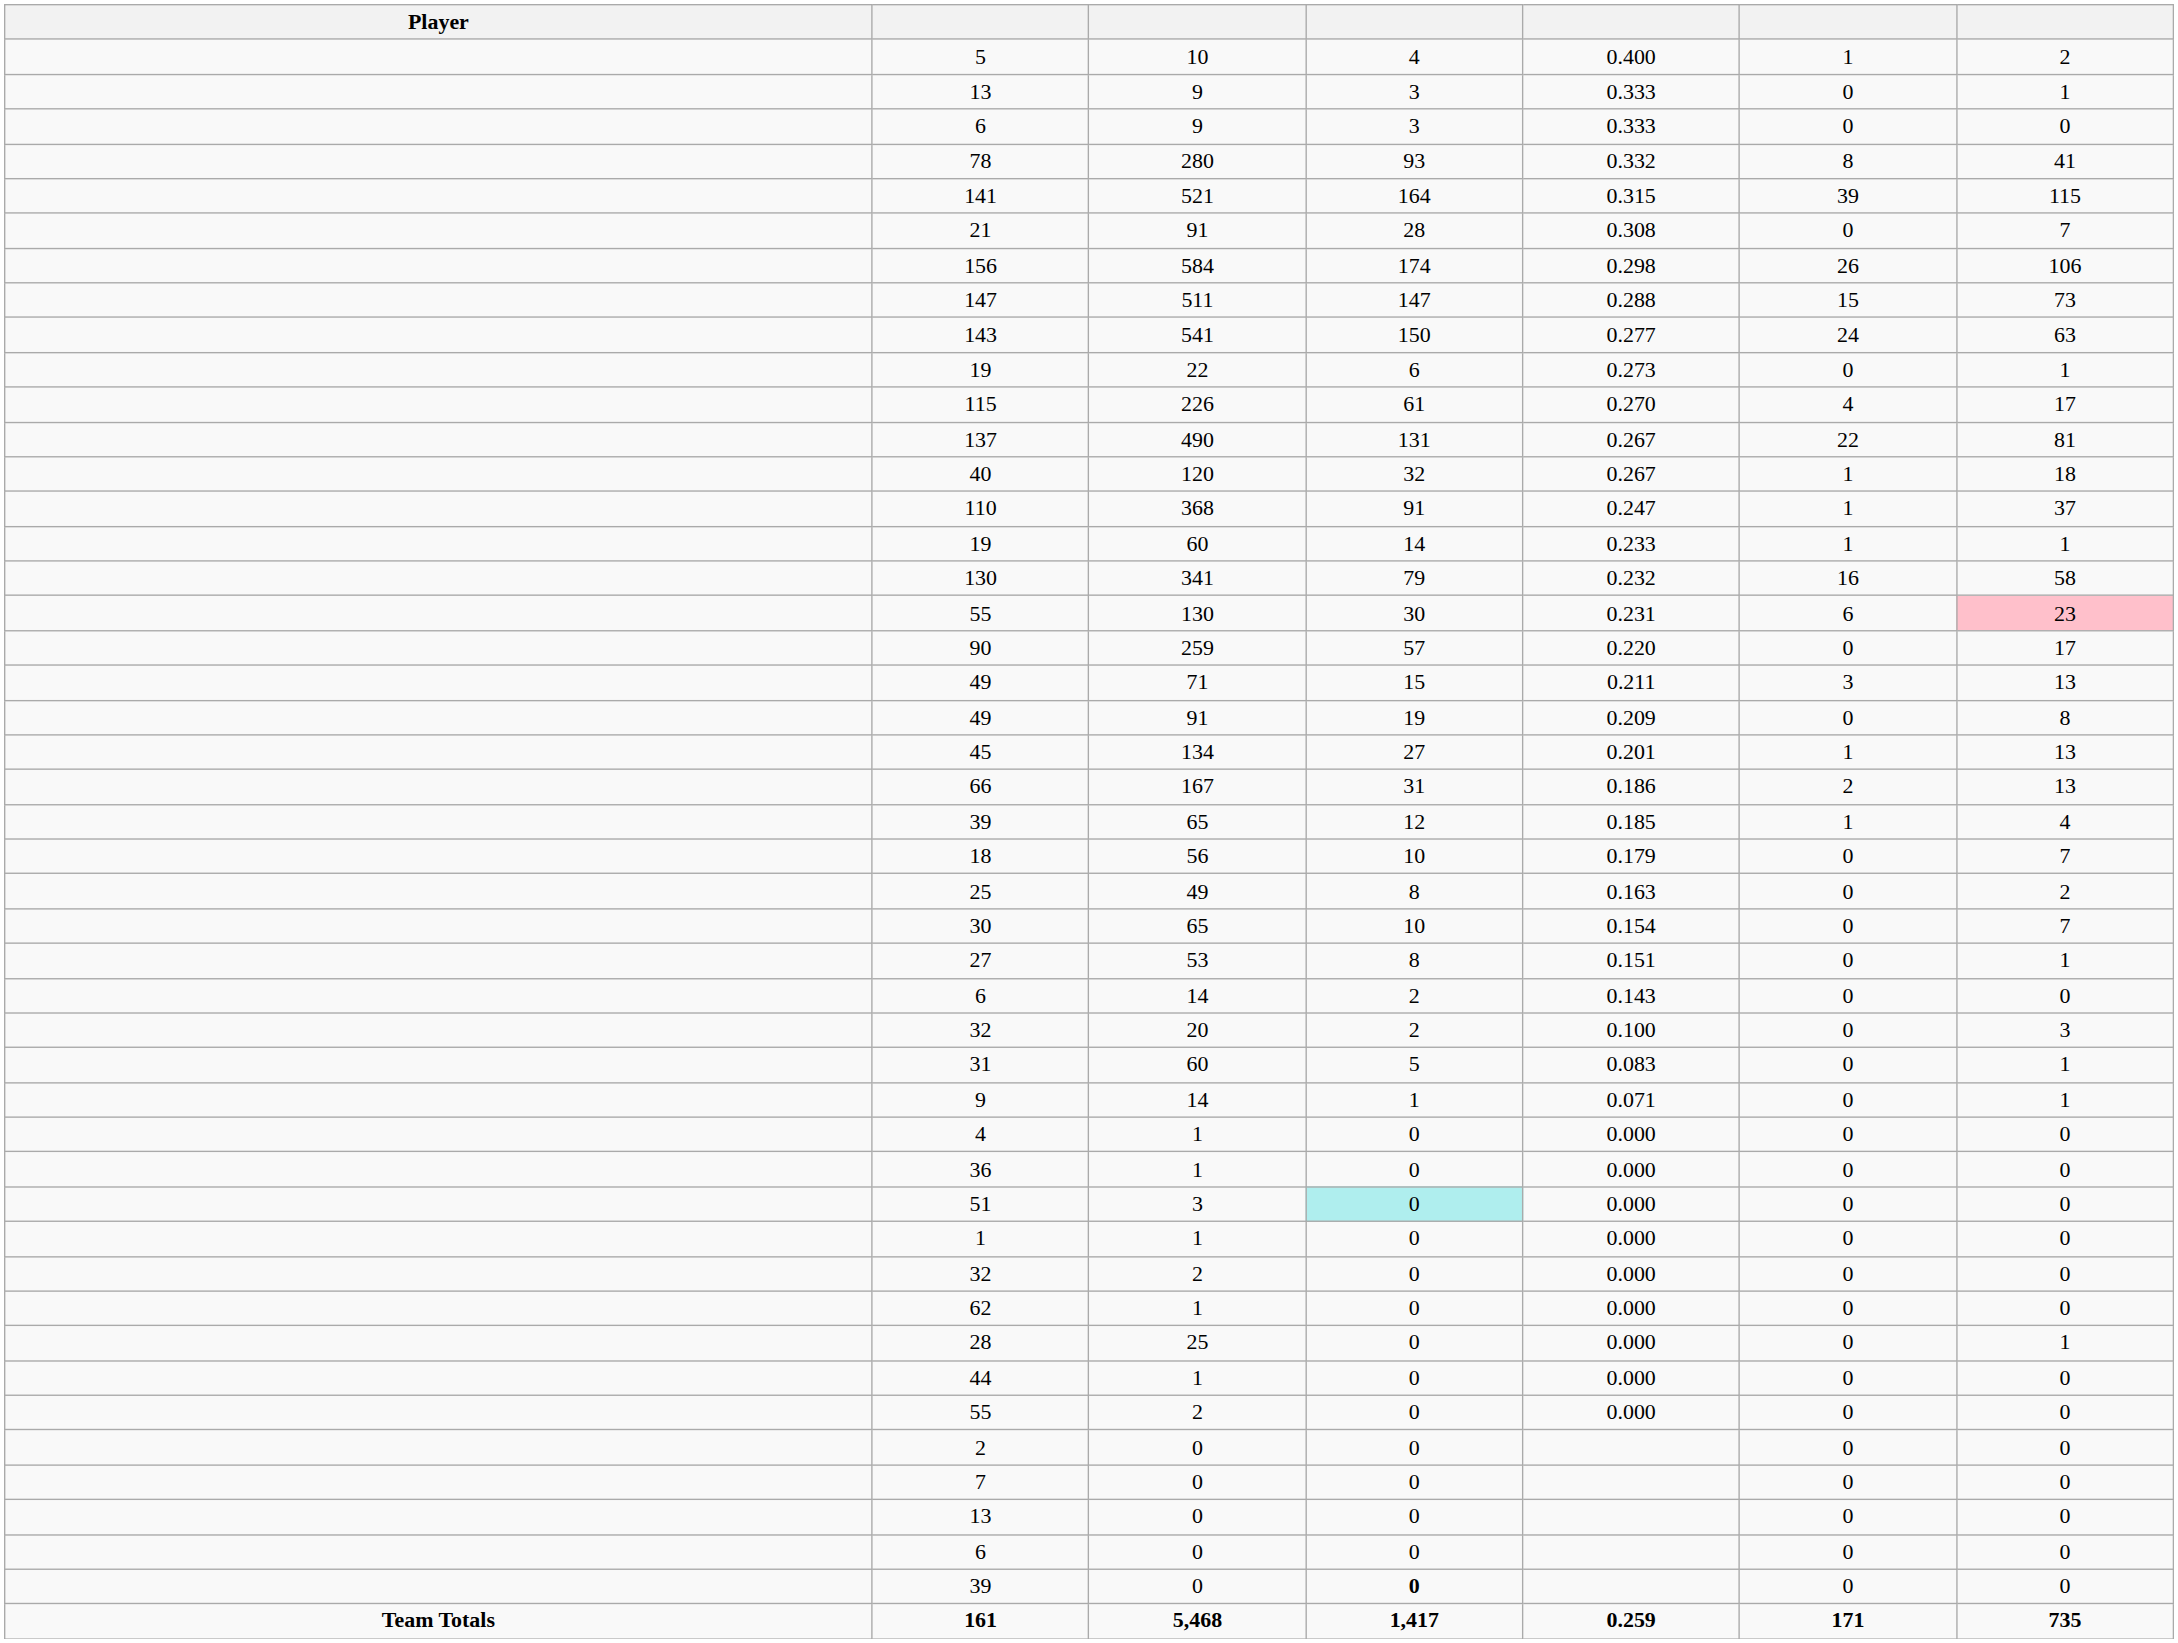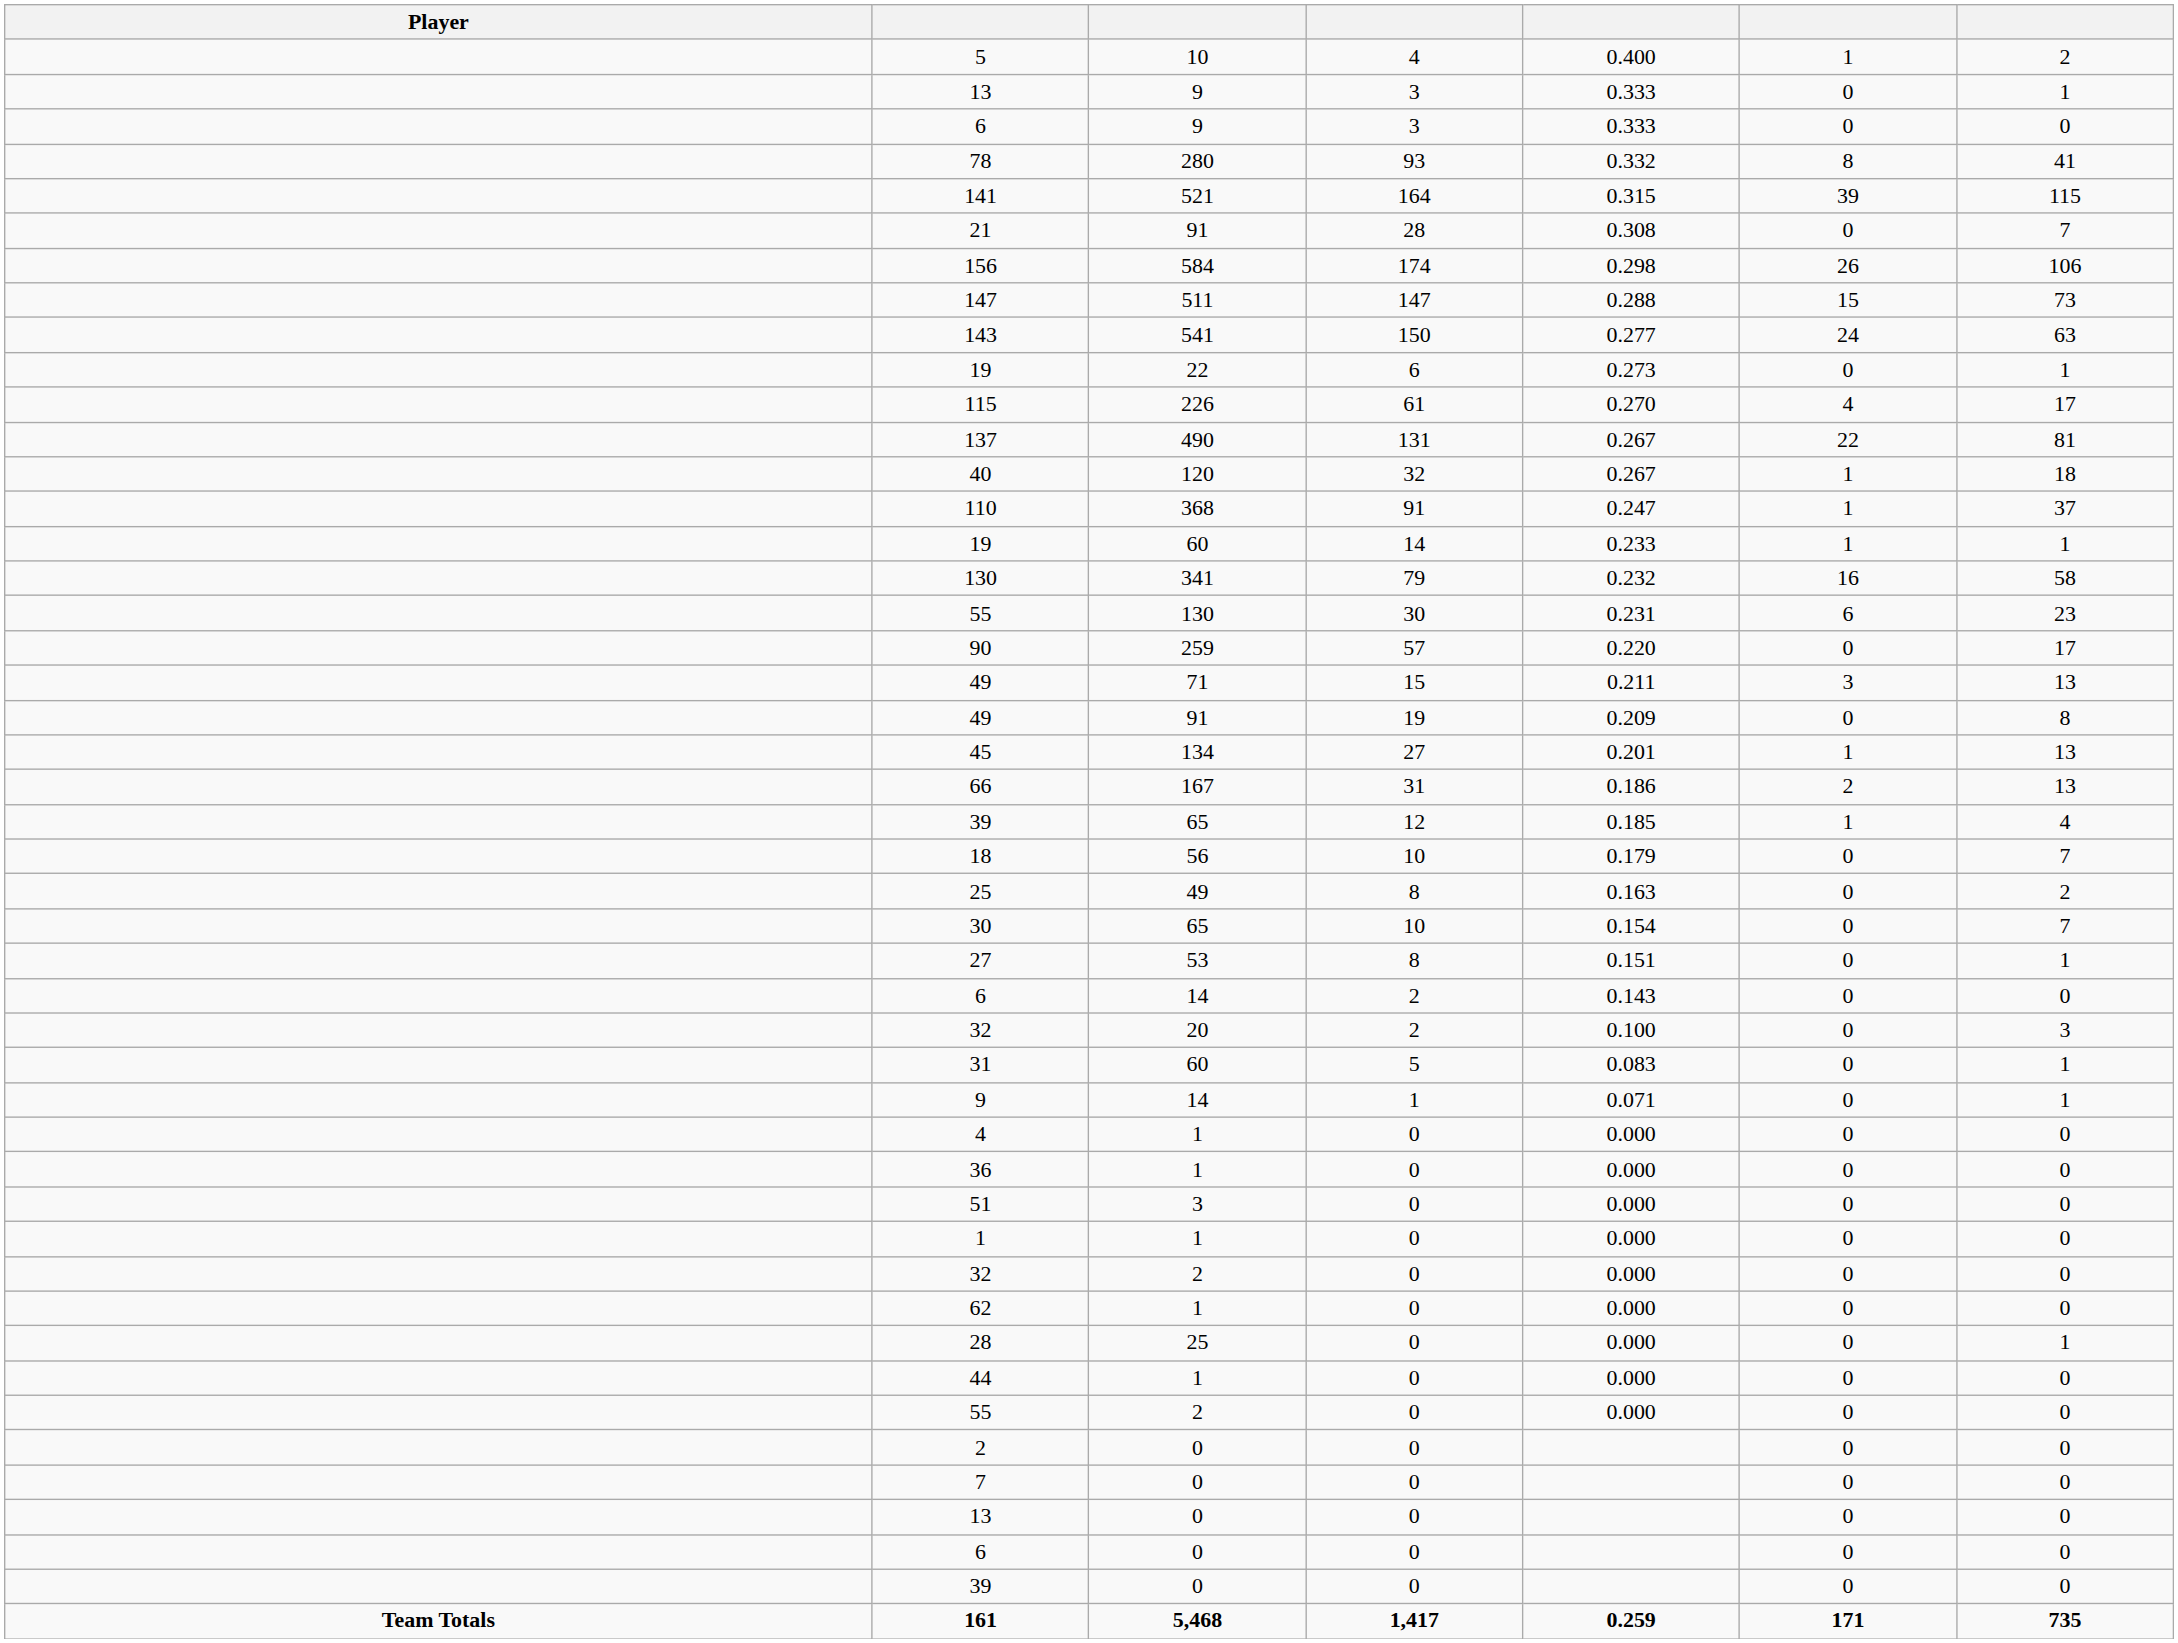 <table class="wikitable sortable" style="text-align:center;" width="100%">
 <tr>
 <th width="40%">Player</th>
 <th width="10%"></th>
 <th width="10%"></th>
 <th width="10%"></th>
 <th width="10%"></th>
 <th width="10%"></th>
 <th width="10%"></th>
 </tr>
 <tr>
 <td></td>
 <td>5</td>
 <td>10</td>
 <td>4</td>
 <td>0.400</td>
 <td>1</td>
 <td>2</td>
 </tr>
 <tr>
 <td></td>
 <td>13</td>
 <td>9</td>
 <td>3</td>
 <td>0.333</td>
 <td>0</td>
 <td>1</td>
 </tr>
 <tr>
 <td></td>
 <td>6</td>
 <td>9</td>
 <td>3</td>
 <td>0.333</td>
 <td>0</td>
 <td>0</td>
 </tr>
 <tr>
 <td></td>
 <td>78</td>
 <td>280</td>
 <td>93</td>
 <td>0.332</td>
 <td>8</td>
 <td>41</td>
 </tr>
 <tr>
 <td></td>
 <td>141</td>
 <td>521</td>
 <td>164</td>
 <td>0.315</td>
 <td>39</td>
 <td>115</td>
 </tr>
 <tr>
 <td></td>
 <td>21</td>
 <td>91</td>
 <td>28</td>
 <td>0.308</td>
 <td>0</td>
 <td>7</td>
 </tr>
 <tr>
 <td></td>
 <td>156</td>
 <td>584</td>
 <td>174</td>
 <td>0.298</td>
 <td>26</td>
 <td>106</td>
 </tr>
 <tr>
 <td></td>
 <td>147</td>
 <td>511</td>
 <td>147</td>
 <td>0.288</td>
 <td>15</td>
 <td>73</td>
 </tr>
 <tr>
 <td></td>
 <td>143</td>
 <td>541</td>
 <td>150</td>
 <td>0.277</td>
 <td>24</td>
 <td>63</td>
 </tr>
 <tr>
 <td></td>
 <td>19</td>
 <td>22</td>
 <td>6</td>
 <td>0.273</td>
 <td>0</td>
 <td>1</td>
 </tr>
 <tr>
 <td></td>
 <td>115</td>
 <td>226</td>
 <td>61</td>
 <td>0.270</td>
 <td>4</td>
 <td>17</td>
 </tr>
 <tr>
 <td></td>
 <td>137</td>
 <td>490</td>
 <td>131</td>
 <td>0.267</td>
 <td>22</td>
 <td>81</td>
 </tr>
 <tr>
 <td></td>
 <td>40</td>
 <td>120</td>
 <td>32</td>
 <td>0.267</td>
 <td>1</td>
 <td>18</td>
 </tr>
 <tr>
 <td></td>
 <td>110</td>
 <td>368</td>
 <td>91</td>
 <td>0.247</td>
 <td>1</td>
 <td>37</td>
 </tr>
 <tr>
 <td></td>
 <td>19</td>
 <td>60</td>
 <td>14</td>
 <td>0.233</td>
 <td>1</td>
 <td>1</td>
 </tr>
 <tr>
 <td></td>
 <td>130</td>
 <td>341</td>
 <td>79</td>
 <td>0.232</td>
 <td>16</td>
 <td>58</td>
 </tr>
 <tr>
 <td></td>
 <td>55</td>
 <td>130</td>
 <td>30</td>
 <td>0.231</td>
 <td>6</td>
-<td style="background: pink;">23</td>
+<td>23</td>
 </tr>
 <tr>
 <td></td>
 <td>90</td>
 <td>259</td>
 <td>57</td>
 <td>0.220</td>
 <td>0</td>
 <td>17</td>
 </tr>
 <tr>
 <td></td>
 <td>49</td>
 <td>71</td>
 <td>15</td>
 <td>0.211</td>
 <td>3</td>
 <td>13</td>
 </tr>
 <tr>
 <td></td>
 <td>49</td>
 <td>91</td>
 <td>19</td>
 <td>0.209</td>
 <td>0</td>
 <td>8</td>
 </tr>
 <tr>
 <td></td>
 <td>45</td>
 <td>134</td>
 <td>27</td>
 <td>0.201</td>
 <td>1</td>
 <td>13</td>
 </tr>
 <tr>
 <td></td>
 <td>66</td>
 <td>167</td>
 <td>31</td>
 <td>0.186</td>
 <td>2</td>
 <td>13</td>
 </tr>
 <tr>
 <td></td>
 <td>39</td>
 <td>65</td>
 <td>12</td>
 <td>0.185</td>
 <td>1</td>
 <td>4</td>
 </tr>
 <tr>
 <td></td>
 <td>18</td>
 <td>56</td>
 <td>10</td>
 <td>0.179</td>
 <td>0</td>
 <td>7</td>
 </tr>
 <tr>
 <td></td>
 <td>25</td>
 <td>49</td>
 <td>8</td>
 <td>0.163</td>
 <td>0</td>
 <td>2</td>
 </tr>
 <tr>
 <td></td>
 <td>30</td>
 <td>65</td>
 <td>10</td>
 <td>0.154</td>
 <td>0</td>
 <td>7</td>
 </tr>
 <tr>
 <td></td>
 <td>27</td>
 <td>53</td>
 <td>8</td>
 <td>0.151</td>
 <td>0</td>
 <td>1</td>
 </tr>
 <tr>
 <td></td>
 <td>6</td>
 <td>14</td>
 <td>2</td>
 <td>0.143</td>
 <td>0</td>
 <td>0</td>
 </tr>
 <tr>
 <td></td>
 <td>32</td>
 <td>20</td>
 <td>2</td>
 <td>0.100</td>
 <td>0</td>
 <td>3</td>
 </tr>
 <tr>
 <td></td>
 <td>31</td>
 <td>60</td>
 <td>5</td>
 <td>0.083</td>
 <td>0</td>
 <td>1</td>
 </tr>
 <tr>
 <td></td>
 <td>9</td>
 <td>14</td>
 <td>1</td>
 <td>0.071</td>
 <td>0</td>
 <td>1</td>
 </tr>
 <tr>
 <td></td>
 <td>4</td>
 <td>1</td>
 <td>0</td>
 <td>0.000</td>
 <td>0</td>
 <td>0</td>
 </tr>
 <tr>
 <td></td>
 <td>36</td>
 <td>1</td>
 <td>0</td>
 <td>0.000</td>
 <td>0</td>
 <td>0</td>
 </tr>
 <tr>
 <td></td>
 <td>51</td>
 <td>3</td>
-<td style="background: paleturquoise;">0</td>
+<td>0</td>
 <td>0.000</td>
 <td>0</td>
 <td>0</td>
 </tr>
 <tr>
 <td></td>
 <td>1</td>
 <td>1</td>
 <td>0</td>
 <td>0.000</td>
 <td>0</td>
 <td>0</td>
 </tr>
 <tr>
 <td></td>
 <td>32</td>
 <td>2</td>
 <td>0</td>
 <td>0.000</td>
 <td>0</td>
 <td>0</td>
 </tr>
 <tr>
 <td></td>
 <td>62</td>
 <td>1</td>
 <td>0</td>
 <td>0.000</td>
 <td>0</td>
 <td>0</td>
 </tr>
 <tr>
 <td></td>
 <td>28</td>
 <td>25</td>
 <td>0</td>
 <td>0.000</td>
 <td>0</td>
 <td>1</td>
 </tr>
 <tr>
 <td></td>
 <td>44</td>
 <td>1</td>
 <td>0</td>
 <td>0.000</td>
 <td>0</td>
 <td>0</td>
 </tr>
 <tr>
 <td></td>
 <td>55</td>
 <td>2</td>
 <td>0</td>
 <td>0.000</td>
 <td>0</td>
 <td>0</td>
 </tr>
 <tr>
 <td></td>
 <td>2</td>
 <td>0</td>
 <td>0</td>
 <td></td>
 <td>0</td>
 <td>0</td>
 </tr>
 <tr>
 <td></td>
 <td>7</td>
 <td>0</td>
 <td>0</td>
 <td></td>
 <td>0</td>
 <td>0</td>
 </tr>
 <tr>
 <td></td>
 <td>13</td>
 <td>0</td>
 <td>0</td>
 <td></td>
 <td>0</td>
 <td>0</td>
 </tr>
 <tr>
 <td></td>
 <td>6</td>
 <td>0</td>
 <td>0</td>
 <td></td>
 <td>0</td>
 <td>0</td>
 </tr>
 <tr>
 <td></td>
 <td>39</td>
 <td>0</td>
-<td><strong>0</strong></td>
+<td>0</td>
 <td></td>
 <td>0</td>
 <td>0</td>
 </tr>
 <tr>
 <td><strong>Team Totals</strong></td>
 <td><strong>161</strong></td>
 <td><strong>5,468</strong></td>
 <td><strong>1,417</strong></td>
 <td><strong>0.259</strong></td>
 <td><strong>171</strong></td>
 <td><strong>735</strong></td>
 </tr>
 </table>
